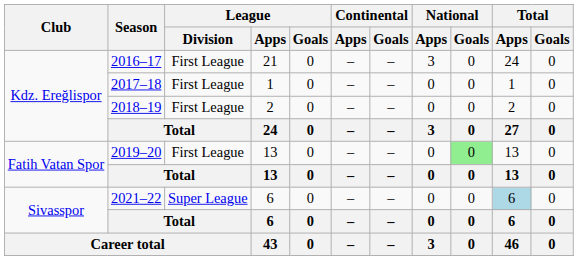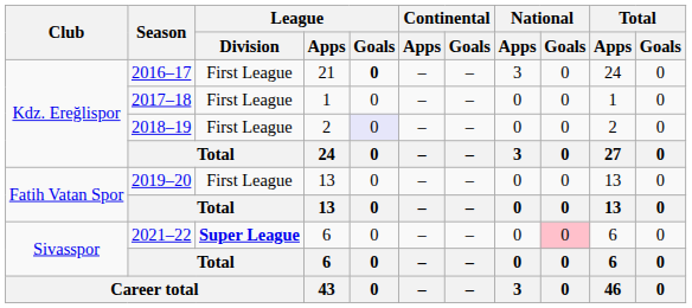 <table class="wikitable" style="text-align: center;">
 <tr>
 <th rowspan=2>Club</th>
 <th rowspan=2>Season</th>
 <th colspan=3>League</th>
 <th colspan=2>Continental</th>
 <th colspan=2>National</th>
 <th colspan=2>Total</th>
 </tr>
 <tr>
 <th>Division</th>
 <th>Apps</th>
 <th>Goals</th>
 <th>Apps</th>
 <th>Goals</th>
 <th>Apps</th>
 <th>Goals</th>
 <th>Apps</th>
 <th>Goals</th>
 </tr>
 <tr>
 <td rowspan=4><a href='#'>Kdz. Ereğlispor</a></td>
 <td><a href='#'>2016–17</a></td>
 <td>First League</td>
 <td>21</td>
-<td>0</td>
+<td><strong>0</strong></td>
 <td>–</td>
 <td>–</td>
 <td>3</td>
 <td>0</td>
 <td>24</td>
 <td>0</td>
 </tr>
 <tr>
 <td><a href='#'>2017–18</a></td>
 <td>First League</td>
 <td>1</td>
 <td>0</td>
 <td>–</td>
 <td>–</td>
 <td>0</td>
 <td>0</td>
 <td>1</td>
 <td>0</td>
 </tr>
 <tr>
 <td><a href='#'>2018–19</a></td>
 <td>First League</td>
 <td>2</td>
-<td>0</td>
+<td style="background: lavender;">0</td>
 <td>–</td>
 <td>–</td>
 <td>0</td>
 <td>0</td>
 <td>2</td>
 <td>0</td>
 </tr>
 <tr>
 <th colspan=2>Total</th>
 <th>24</th>
 <th>0</th>
 <th>–</th>
 <th>–</th>
 <th>3</th>
 <th>0</th>
 <th>27</th>
 <th>0</th>
 </tr>
 <tr>
 <td rowspan=2><a href='#'>Fatih Vatan Spor</a></td>
 <td><a href='#'>2019–20</a></td>
 <td>First League</td>
 <td>13</td>
 <td>0</td>
 <td>–</td>
 <td>–</td>
 <td>0</td>
-<td style="background: lightgreen;">0</td>
+<td>0</td>
 <td>13</td>
 <td>0</td>
 </tr>
 <tr>
 <th colspan=2>Total</th>
 <th>13</th>
 <th>0</th>
 <th>–</th>
 <th>–</th>
 <th>0</th>
 <th>0</th>
 <th>13</th>
 <th>0</th>
 </tr>
 <tr>
 <td rowspan=2><a href='#'>Sivasspor</a></td>
 <td><a href='#'>2021–22</a></td>
-<td><a href='#'>Super League</a></td>
+<td><strong><a href='#'>Super League</a></strong></td>
 <td>6</td>
 <td>0</td>
 <td>–</td>
 <td>–</td>
 <td>0</td>
-<td>0</td>
-<td style="background: lightblue;">6</td>
+<td style="background: pink;">0</td>
+<td>6</td>
 <td>0</td>
 </tr>
 <tr>
 <th colspan=2>Total</th>
 <th>6</th>
 <th>0</th>
 <th>–</th>
 <th>–</th>
 <th>0</th>
 <th>0</th>
 <th>6</th>
 <th>0</th>
 </tr>
 <tr>
 <th colspan=3>Career total</th>
 <th>43</th>
 <th>0</th>
 <th>–</th>
 <th>–</th>
 <th>3</th>
 <th>0</th>
 <th>46</th>
 <th>0</th>
 </tr>
 </table>
